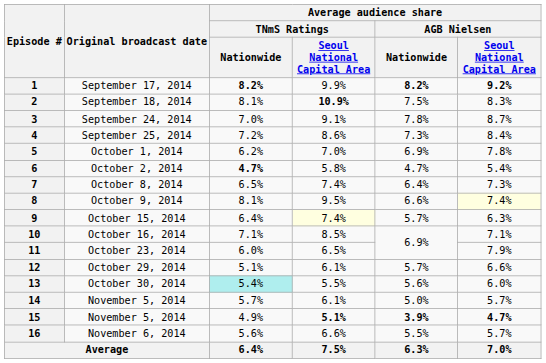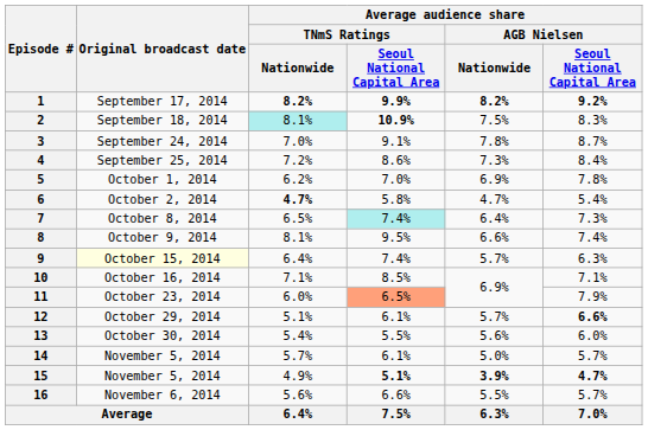 <table class=wikitable style="text-align:center">
 <tr>
 <th rowspan="3">Episode #</th>
 <th rowspan="3">Original broadcast date</th>
 <th colspan="4">Average audience share</th>
 </tr>
 <tr>
 <th colspan="2">TNmS Ratings</th>
 <th colspan="2">AGB Nielsen</th>
 </tr>
 <tr>
 <th width=100>Nationwide</th>
 <th width=100><a href='#'>Seoul National Capital Area</a></th>
 <th width=100>Nationwide</th>
 <th width=100><a href='#'>Seoul National Capital Area</a></th>
 </tr>
 <tr>
 <th>1</th>
 <td>September 17, 2014</td>
 <td><span><strong>8.2%</strong></span></td>
-<td>9.9%</td>
+<td><strong>9.9%</strong></td>
 <td><span><strong>8.2%</strong></span></td>
 <td><span><strong>9.2%</strong></span></td>
 </tr>
 <tr>
 <th>2</th>
 <td>September 18, 2014</td>
-<td>8.1%</td>
+<td style="background: paleturquoise;">8.1%</td>
 <td><span><strong>10.9%</strong></span></td>
 <td>7.5%</td>
 <td>8.3%</td>
 </tr>
 <tr>
 <th>3</th>
 <td>September 24, 2014</td>
 <td>7.0%</td>
 <td>9.1%</td>
 <td>7.8%</td>
 <td>8.7%</td>
 </tr>
 <tr>
 <th>4</th>
 <td>September 25, 2014</td>
 <td>7.2%</td>
 <td>8.6%</td>
 <td>7.3%</td>
 <td>8.4%</td>
 </tr>
 <tr>
 <th>5</th>
 <td>October 1, 2014</td>
 <td>6.2%</td>
 <td>7.0%</td>
 <td>6.9%</td>
 <td>7.8%</td>
 </tr>
 <tr>
 <th>6</th>
 <td>October 2, 2014</td>
 <td><span><strong>4.7%</strong></span></td>
 <td>5.8%</td>
 <td>4.7%</td>
 <td>5.4%</td>
 </tr>
 <tr>
 <th>7</th>
 <td>October 8, 2014</td>
 <td>6.5%</td>
-<td>7.4%</td>
+<td style="background: paleturquoise;">7.4%</td>
 <td>6.4%</td>
 <td>7.3%</td>
 </tr>
 <tr>
 <th>8</th>
 <td>October 9, 2014</td>
 <td>8.1%</td>
 <td>9.5%</td>
 <td>6.6%</td>
-<td style="background: lightyellow;">7.4%</td>
+<td>7.4%</td>
 </tr>
 <tr>
 <th>9</th>
-<td>October 15, 2014</td>
+<td style="background: lightyellow;">October 15, 2014</td>
 <td>6.4%</td>
-<td style="background: lightyellow;">7.4%</td>
+<td>7.4%</td>
 <td>5.7%</td>
 <td>6.3%</td>
 </tr>
 <tr>
 <th>10</th>
 <td>October 16, 2014</td>
 <td>7.1%</td>
 <td>8.5%</td>
 <td rowspan=2>6.9%</td>
 <td>7.1%</td>
 </tr>
 <tr>
 <th>11</th>
 <td>October 23, 2014</td>
 <td>6.0%</td>
-<td>6.5%</td>
+<td style="background: lightsalmon;">6.5%</td>
 <td>7.9%</td>
 </tr>
 <tr>
 <th>12</th>
 <td>October 29, 2014</td>
 <td>5.1%</td>
 <td>6.1%</td>
 <td>5.7%</td>
-<td>6.6%</td>
+<td><strong>6.6%</strong></td>
 </tr>
 <tr>
 <th>13</th>
 <td>October 30, 2014</td>
-<td style="background: paleturquoise;">5.4%</td>
+<td>5.4%</td>
 <td>5.5%</td>
 <td>5.6%</td>
 <td>6.0%</td>
 </tr>
 <tr>
 <th>14</th>
 <td>November 5, 2014</td>
 <td>5.7%</td>
 <td>6.1%</td>
 <td>5.0%</td>
 <td>5.7%</td>
 </tr>
 <tr>
 <th>15</th>
 <td>November 5, 2014</td>
 <td>4.9%</td>
 <td><span><strong>5.1%</strong></span></td>
 <td><span><strong>3.9%</strong></span></td>
 <td><span><strong>4.7%</strong></span></td>
 </tr>
 <tr>
 <th>16</th>
 <td>November 6, 2014</td>
 <td>5.6%</td>
 <td>6.6%</td>
 <td>5.5%</td>
 <td>5.7%</td>
 </tr>
 <tr>
 <th colspan=2>Average</th>
 <th><span><strong>6.4%</strong></span></th>
 <th><span><strong>7.5%</strong></span></th>
 <th><span><strong>6.3%</strong></span></th>
 <th><span><strong>7.0%</strong></span></th>
 </tr>
 </table>
